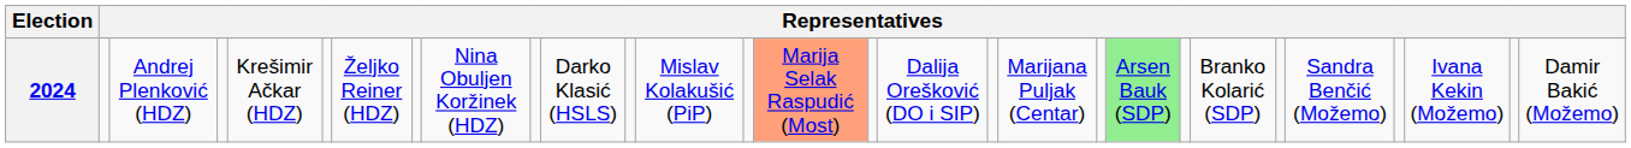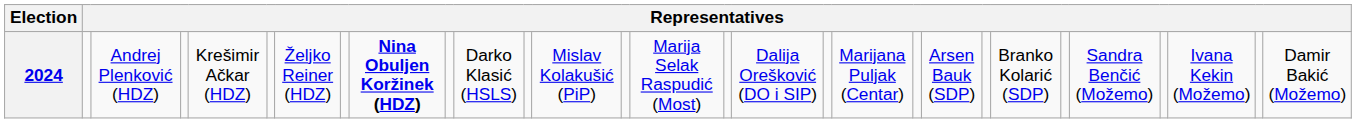 <table class=wikitable style="text-align: center;">
 <tr>
 <th style="width: 65px;">Election</th>
 <th colspan=28>Representatives</th>
 </tr>
 <tr>
 <th><a href='#'>2024</a></th>
 <td style="background:"></td>
 <td><a href='#'>Andrej Plenković</a><br>(<a href='#'>HDZ</a>)</td>
 <td style="background:"></td>
 <td>Krešimir Ačkar<br>(<a href='#'>HDZ</a>)</td>
 <td style="background:"></td>
 <td><a href='#'>Željko Reiner</a><br>(<a href='#'>HDZ</a>)</td>
 <td style="background:"></td>
-<td><a href='#'>Nina Obuljen Koržinek</a><br>(<a href='#'>HDZ</a>)</td>
+<td><strong><a href='#'>Nina Obuljen Koržinek</a><br>(<a href='#'>HDZ</a>)</strong></td>
 <td style="background:"></td>
 <td>Darko Klasić<br>(<a href='#'>HSLS</a>)</td>
 <td style="background:"></td>
 <td><a href='#'>Mislav Kolakušić</a><br>(<a href='#'>PiP</a>)</td>
 <td style="background:"></td>
-<td style="background: lightsalmon;"><a href='#'>Marija Selak Raspudić</a><br>(<a href='#'>Most</a>)</td>
+<td><a href='#'>Marija Selak Raspudić</a><br>(<a href='#'>Most</a>)</td>
 <td style="background:"></td>
 <td><a href='#'>Dalija Orešković</a><br>(<a href='#'>DO i SIP</a>)</td>
 <td style="background:"></td>
 <td><a href='#'>Marijana Puljak</a><br>(<a href='#'>Centar</a>)</td>
 <td style="background:"></td>
-<td style="background: lightgreen;"><a href='#'>Arsen Bauk</a><br>(<a href='#'>SDP</a>)</td>
+<td><a href='#'>Arsen Bauk</a><br>(<a href='#'>SDP</a>)</td>
 <td style="background:"></td>
 <td>Branko Kolarić<br>(<a href='#'>SDP</a>)</td>
 <td style="background:"></td>
 <td><a href='#'>Sandra Benčić</a><br>(<a href='#'>Možemo</a>)</td>
 <td style="background:"></td>
 <td><a href='#'>Ivana Kekin</a><br>(<a href='#'>Možemo</a>)</td>
 <td style="background:"></td>
 <td>Damir Bakić<br>(<a href='#'>Možemo</a>)</td>
 </tr>
 </table>
